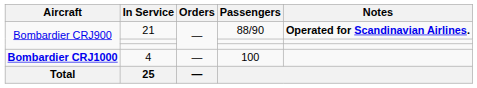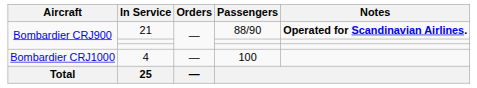 <table class="wikitable" style="border-collapse:collapse;text-align:center;margin:auto;">
 <tr>
 <th>Aircraft</th>
 <th>In Service</th>
 <th>Orders</th>
 <th>Passengers</th>
 <th>Notes</th>
 </tr>
 <tr>
 <td rowspan="3"><a href='#'>Bombardier CRJ900</a></td>
 <td>21</td>
 <td rowspan="3">—</td>
 <td>88/90</td>
 <td><strong>Operated for <a href='#'>Scandinavian Airlines</a>.</strong></td>
 </tr>
 <tr>
 <td></td>
 <td></td>
 <td></td>
 </tr>
 <tr>
 <td></td>
 <td></td>
 </tr>
 <tr>
-<td><strong><a href='#'>Bombardier CRJ1000</a></strong></td>
+<td><a href='#'>Bombardier CRJ1000</a></td>
 <td>4</td>
 <td>—</td>
 <td>100</td>
 <td></td>
 </tr>
 <tr>
 <th>Total</th>
 <th>25</th>
 <th>—</th>
 <th colspan="2"></th>
 </tr>
 </table>
